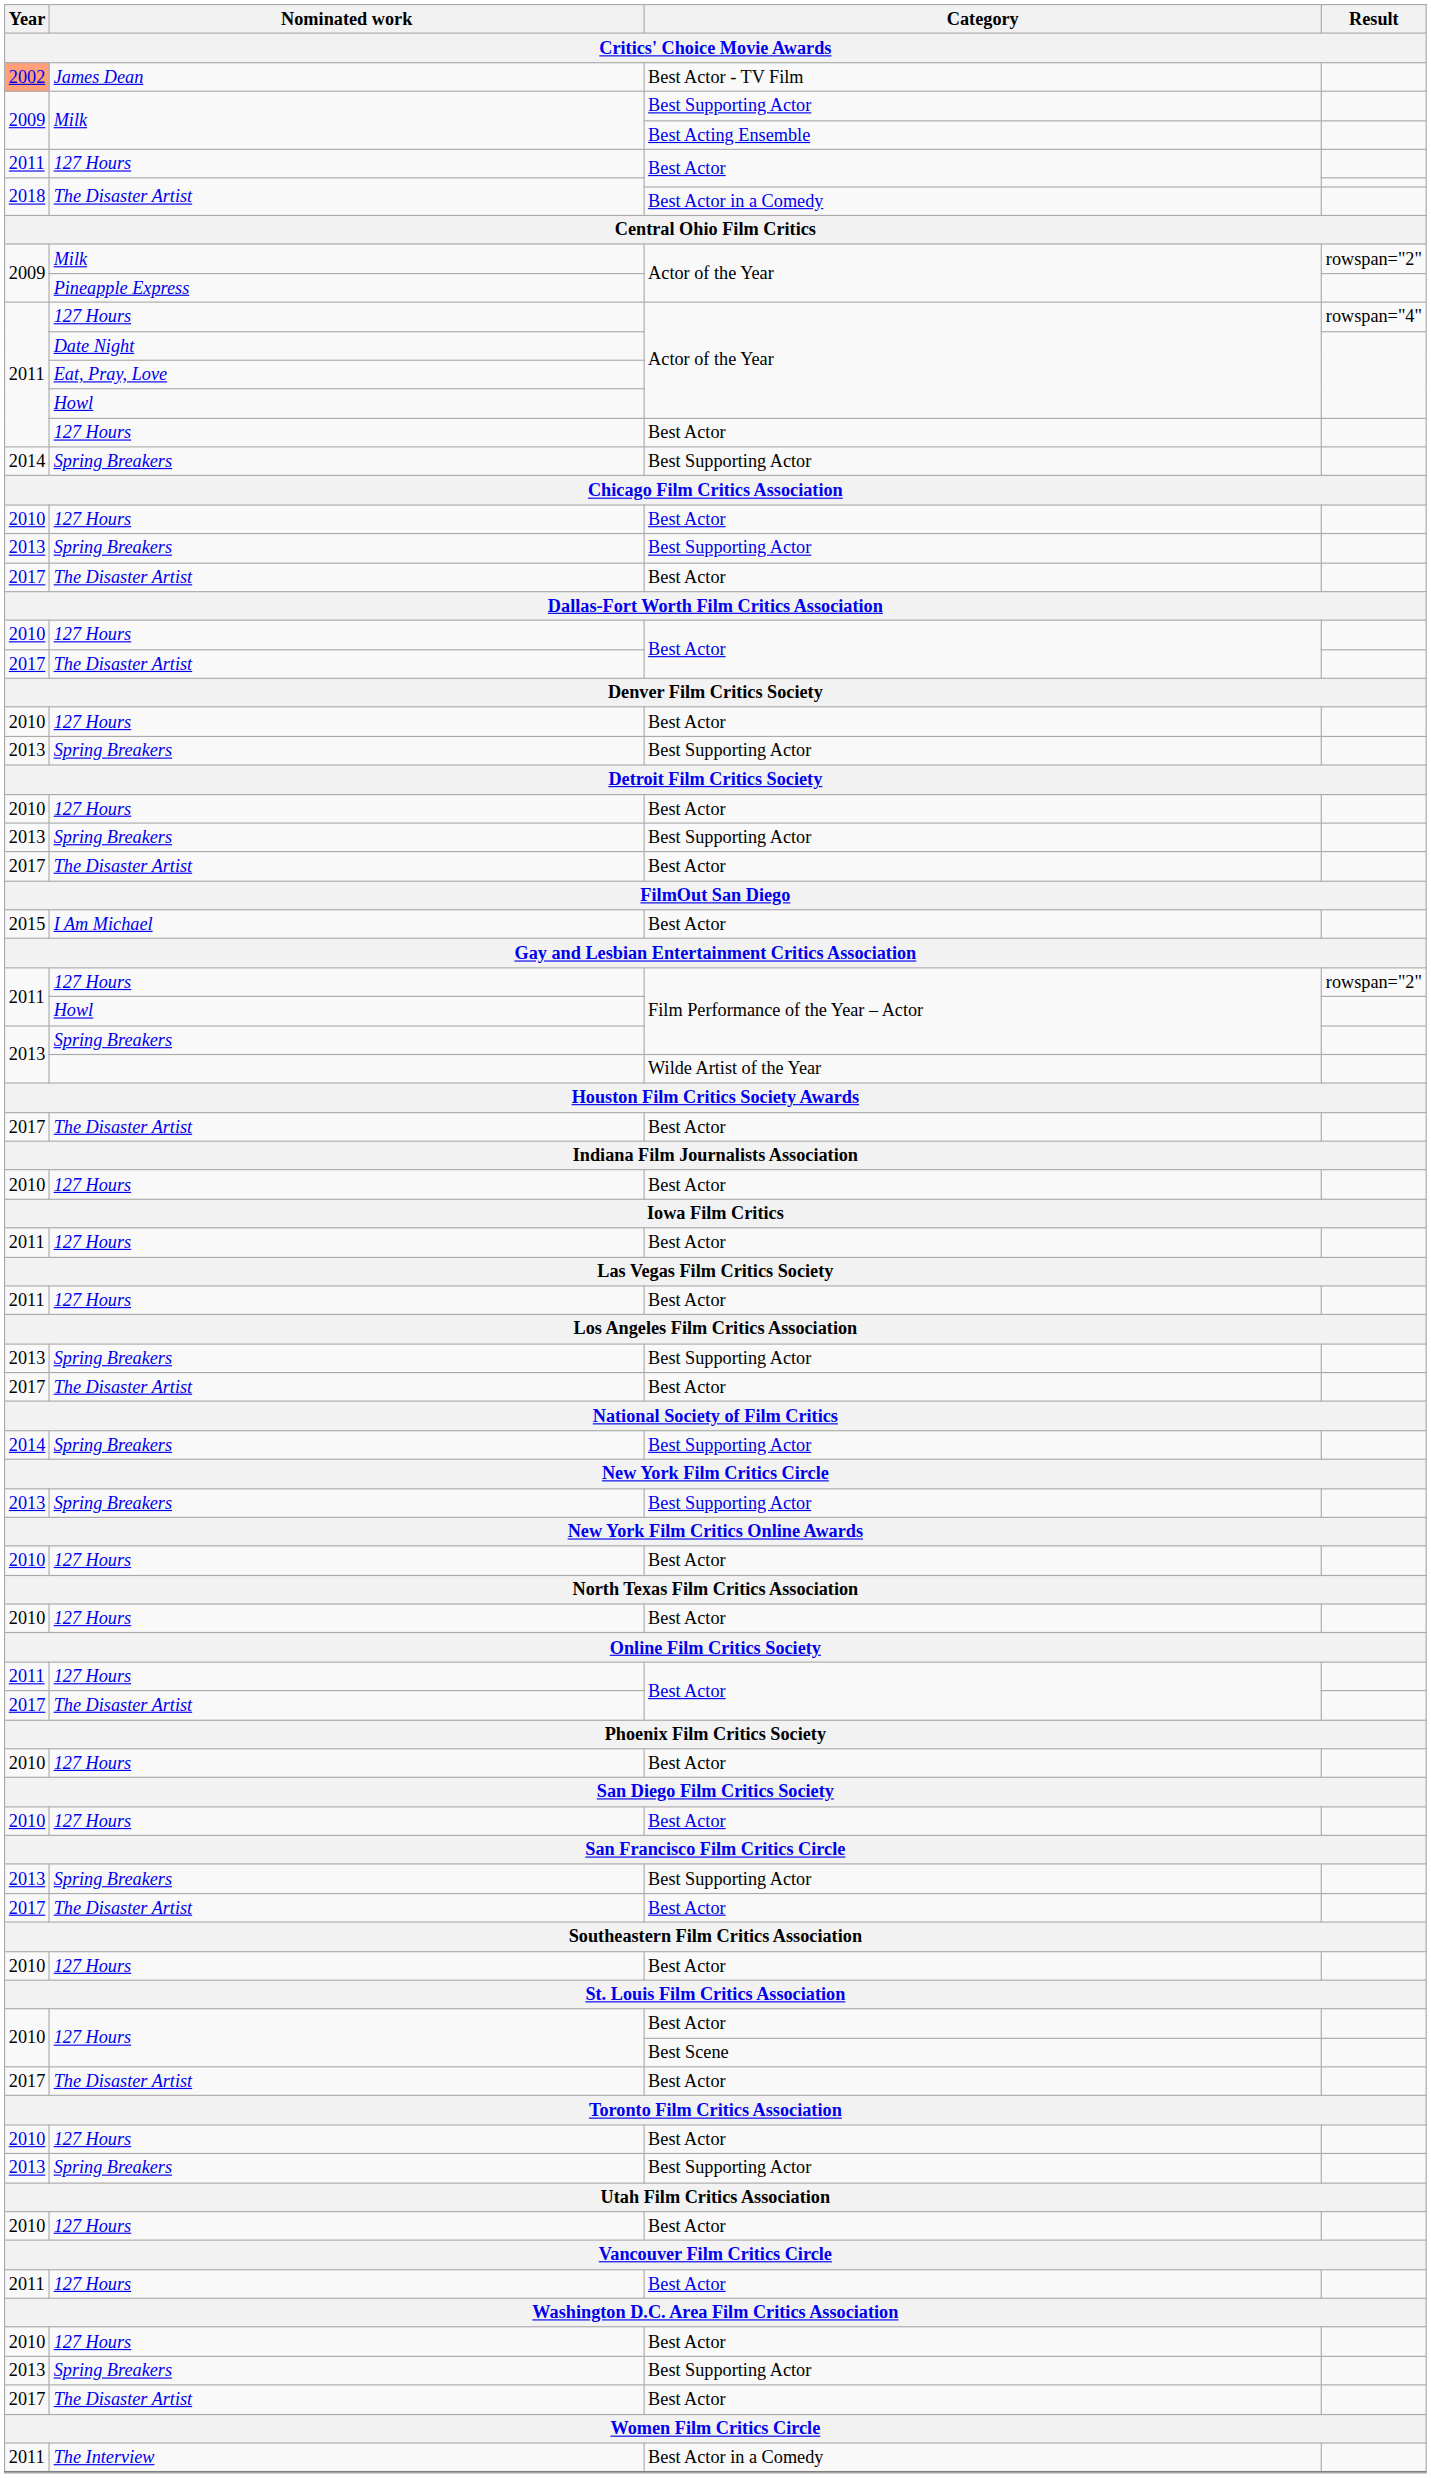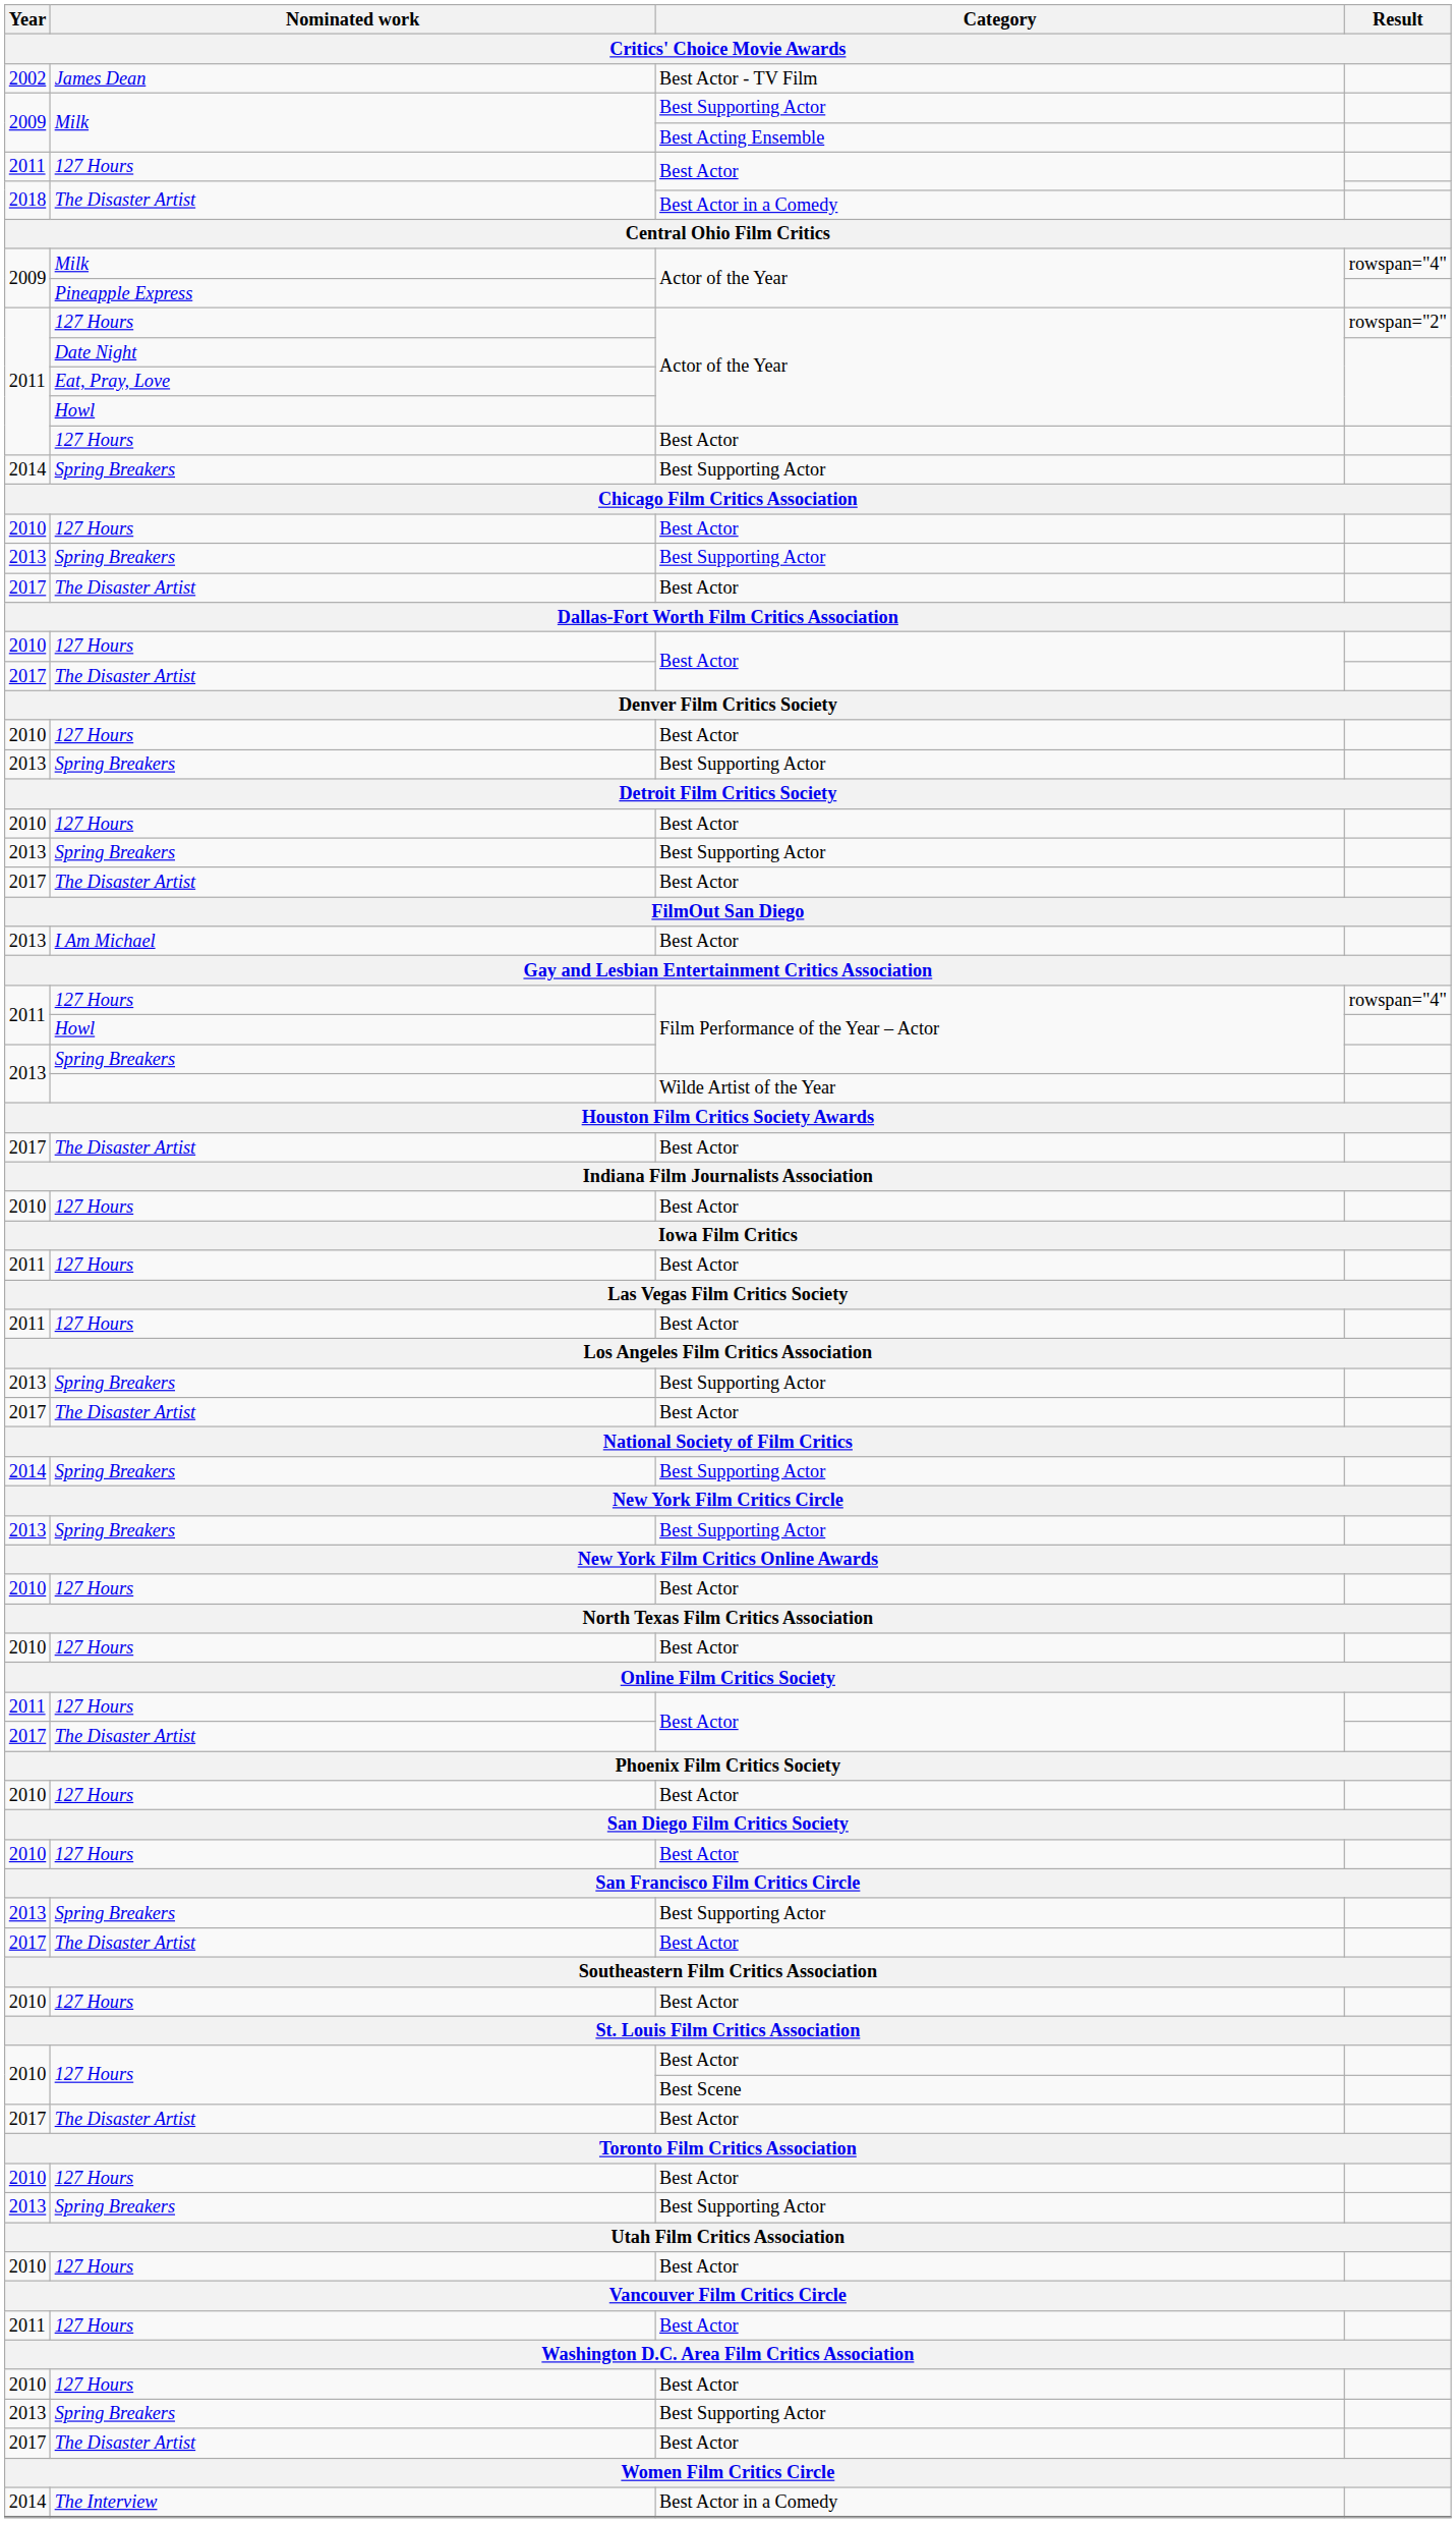 <table class="wikitable">
 <tr>
 <th scope="col" style="width:1em;">Year</th>
 <th scope="col" style="width:35em;">Nominated work</th>
 <th scope="col" style="width:40em;">Category</th>
 <th scope="col" style="width:5em;">Result</th>
 </tr>
 <tr>
 <th colspan="5"><a href='#'>Critics' Choice Movie Awards</a></th>
 </tr>
 <tr>
-<td style="background: lightsalmon;"><a href='#'>2002</a></td>
+<td><a href='#'>2002</a></td>
 <td><em><a href='#'>James Dean</a></em></td>
 <td>Best Actor - TV Film</td>
 <td></td>
 </tr>
 <tr>
 <td rowspan="2"><a href='#'>2009</a></td>
 <td rowspan="2"><em><a href='#'>Milk</a></em></td>
 <td><a href='#'>Best Supporting Actor</a></td>
 <td></td>
 </tr>
 <tr>
 <td><a href='#'>Best Acting Ensemble</a></td>
 <td></td>
 </tr>
 <tr>
 <td><a href='#'>2011</a></td>
 <td><em><a href='#'>127 Hours</a></em></td>
 <td rowspan="2"><a href='#'>Best Actor</a></td>
 <td></td>
 </tr>
 <tr>
 <td rowspan="2"><a href='#'>2018</a></td>
 <td rowspan="2"><em><a href='#'>The Disaster Artist</a></em></td>
 <td></td>
 </tr>
 <tr>
 <td><a href='#'>Best Actor in a Comedy</a></td>
 <td></td>
 </tr>
 <tr>
 <th colspan="5">Central Ohio Film Critics</th>
 </tr>
 <tr>
 <td rowspan="2">2009</td>
 <td><em><a href='#'>Milk</a></em></td>
 <td rowspan="2">Actor of the Year</td>
-<td>rowspan="2" </td>
+<td>rowspan="4" </td>
 </tr>
 <tr>
 <td><em><a href='#'>Pineapple Express</a></em></td>
 </tr>
 <tr>
 <td rowspan="5">2011</td>
 <td><em><a href='#'>127 Hours</a></em></td>
 <td rowspan="4">Actor of the Year</td>
-<td>rowspan="4" </td>
+<td>rowspan="2" </td>
 </tr>
 <tr>
 <td><em><a href='#'>Date Night</a></em></td>
 </tr>
 <tr>
 <td><em><a href='#'>Eat, Pray, Love</a></em></td>
 </tr>
 <tr>
 <td><em><a href='#'>Howl</a></em></td>
 </tr>
 <tr>
 <td><em><a href='#'>127 Hours</a></em></td>
 <td>Best Actor</td>
 <td></td>
 </tr>
 <tr>
 <td>2014</td>
 <td><em><a href='#'>Spring Breakers</a></em></td>
 <td>Best Supporting Actor</td>
 <td></td>
 </tr>
 <tr>
 <th colspan="5"><a href='#'>Chicago Film Critics Association</a></th>
 </tr>
 <tr>
 <td><a href='#'>2010</a></td>
 <td><em><a href='#'>127 Hours</a></em></td>
 <td><a href='#'>Best Actor</a></td>
 <td></td>
 </tr>
 <tr>
 <td><a href='#'>2013</a></td>
 <td><em><a href='#'>Spring Breakers</a></em></td>
 <td><a href='#'>Best Supporting Actor</a></td>
 <td></td>
 </tr>
 <tr>
 <td><a href='#'>2017</a></td>
 <td><em><a href='#'>The Disaster Artist</a></em></td>
 <td>Best Actor</td>
 <td></td>
 </tr>
 <tr>
 <th colspan="5"><a href='#'>Dallas-Fort Worth Film Critics Association</a></th>
 </tr>
 <tr>
 <td><a href='#'>2010</a></td>
 <td><em><a href='#'>127 Hours</a></em></td>
 <td rowspan="2"><a href='#'>Best Actor</a></td>
 <td></td>
 </tr>
 <tr>
 <td><a href='#'>2017</a></td>
 <td><em><a href='#'>The Disaster Artist</a></em></td>
 <td></td>
 </tr>
 <tr>
 <th colspan="5">Denver Film Critics Society</th>
 </tr>
 <tr>
 <td>2010</td>
 <td><em><a href='#'>127 Hours</a></em></td>
 <td>Best Actor</td>
 <td></td>
 </tr>
 <tr>
 <td>2013</td>
 <td><em><a href='#'>Spring Breakers</a></em></td>
 <td>Best Supporting Actor</td>
 <td></td>
 </tr>
 <tr>
 <th colspan="5"><a href='#'>Detroit Film Critics Society</a></th>
 </tr>
 <tr>
 <td>2010</td>
 <td><em><a href='#'>127 Hours</a></em></td>
 <td>Best Actor</td>
 <td></td>
 </tr>
 <tr>
 <td>2013</td>
 <td><em><a href='#'>Spring Breakers</a></em></td>
 <td>Best Supporting Actor</td>
 <td></td>
 </tr>
 <tr>
 <td>2017</td>
 <td><em><a href='#'>The Disaster Artist</a></em></td>
 <td>Best Actor</td>
 <td></td>
 </tr>
 <tr>
 <th colspan="5"><a href='#'>FilmOut San Diego</a></th>
 </tr>
 <tr>
-<td>2015</td>
+<td>2013</td>
 <td><em><a href='#'>I Am Michael</a></em></td>
 <td>Best Actor</td>
 <td></td>
 </tr>
 <tr>
 <th colspan="5"><a href='#'>Gay and Lesbian Entertainment Critics Association</a></th>
 </tr>
 <tr>
 <td rowspan="2">2011</td>
 <td><em><a href='#'>127 Hours</a></em></td>
 <td rowspan="3">Film Performance of the Year – Actor</td>
-<td>rowspan="2" </td>
+<td>rowspan="4" </td>
 </tr>
 <tr>
 <td><em><a href='#'>Howl</a></em></td>
 </tr>
 <tr>
 <td rowspan="2">2013</td>
 <td><em><a href='#'>Spring Breakers</a></em></td>
 <td></td>
 </tr>
 <tr>
 <td></td>
 <td>Wilde Artist of the Year</td>
 <td></td>
 </tr>
 <tr>
 <th colspan="5"><a href='#'>Houston Film Critics Society Awards</a></th>
 </tr>
 <tr>
 <td>2017</td>
 <td><em><a href='#'>The Disaster Artist</a></em></td>
 <td>Best Actor</td>
 <td></td>
 </tr>
 <tr>
 <th colspan="5">Indiana Film Journalists Association</th>
 </tr>
 <tr>
 <td>2010</td>
 <td><em><a href='#'>127 Hours</a></em></td>
 <td>Best Actor</td>
 <td></td>
 </tr>
 <tr>
 <th colspan="5">Iowa Film Critics</th>
 </tr>
 <tr>
 <td>2011</td>
 <td><em><a href='#'>127 Hours</a></em></td>
 <td>Best Actor</td>
 <td></td>
 </tr>
 <tr>
 <th colspan="5">Las Vegas Film Critics Society</th>
 </tr>
 <tr>
 <td>2011</td>
 <td><em><a href='#'>127 Hours</a></em></td>
 <td>Best Actor</td>
 <td></td>
 </tr>
 <tr>
 <th colspan="5">Los Angeles Film Critics Association</th>
 </tr>
 <tr>
 <td>2013</td>
 <td><em><a href='#'>Spring Breakers</a></em></td>
 <td>Best Supporting Actor</td>
 <td></td>
 </tr>
 <tr>
 <td>2017</td>
 <td><em><a href='#'>The Disaster Artist</a></em></td>
 <td>Best Actor</td>
 <td></td>
 </tr>
 <tr>
 <th colspan="5"><a href='#'>National Society of Film Critics</a></th>
 </tr>
 <tr>
 <td><a href='#'>2014</a></td>
 <td><em><a href='#'>Spring Breakers</a></em></td>
 <td><a href='#'>Best Supporting Actor</a></td>
 <td></td>
 </tr>
 <tr>
 <th colspan="5"><a href='#'>New York Film Critics Circle</a></th>
 </tr>
 <tr>
 <td><a href='#'>2013</a></td>
 <td><em><a href='#'>Spring Breakers</a></em></td>
 <td><a href='#'>Best Supporting Actor</a></td>
 <td></td>
 </tr>
 <tr>
 <th colspan="5"><a href='#'>New York Film Critics Online Awards</a></th>
 </tr>
 <tr>
 <td><a href='#'>2010</a></td>
 <td><em><a href='#'>127 Hours</a></em></td>
 <td>Best Actor</td>
 <td></td>
 </tr>
 <tr>
 <th colspan="5">North Texas Film Critics Association</th>
 </tr>
 <tr>
 <td>2010</td>
 <td><em><a href='#'>127 Hours</a></em></td>
 <td>Best Actor</td>
 <td></td>
 </tr>
 <tr>
 <th colspan="5"><a href='#'>Online Film Critics Society</a></th>
 </tr>
 <tr>
 <td><a href='#'>2011</a></td>
 <td><em><a href='#'>127 Hours</a></em></td>
 <td rowspan="2"><a href='#'>Best Actor</a></td>
 <td></td>
 </tr>
 <tr>
 <td><a href='#'>2017</a></td>
 <td><em><a href='#'>The Disaster Artist</a></em></td>
 <td></td>
 </tr>
 <tr>
 <th colspan="5">Phoenix Film Critics Society</th>
 </tr>
 <tr>
 <td>2010</td>
 <td><em><a href='#'>127 Hours</a></em></td>
 <td>Best Actor</td>
 <td></td>
 </tr>
 <tr>
 <th colspan="5"><a href='#'>San Diego Film Critics Society</a></th>
 </tr>
 <tr>
 <td><a href='#'>2010</a></td>
 <td><em><a href='#'>127 Hours</a></em></td>
 <td><a href='#'>Best Actor</a></td>
 <td></td>
 </tr>
 <tr>
 <th colspan="5"><a href='#'>San Francisco Film Critics Circle</a></th>
 </tr>
 <tr>
 <td><a href='#'>2013</a></td>
 <td><em><a href='#'>Spring Breakers</a></em></td>
 <td>Best Supporting Actor</td>
 <td></td>
 </tr>
 <tr>
 <td><a href='#'>2017</a></td>
 <td><em><a href='#'>The Disaster Artist</a></em></td>
 <td><a href='#'>Best Actor</a></td>
 <td></td>
 </tr>
 <tr>
 <th colspan="5">Southeastern Film Critics Association</th>
 </tr>
 <tr>
 <td>2010</td>
 <td><em><a href='#'>127 Hours</a></em></td>
 <td>Best Actor</td>
 <td></td>
 </tr>
 <tr>
 <th colspan="5"><a href='#'>St. Louis Film Critics Association</a></th>
 </tr>
 <tr>
 <td rowspan="2">2010</td>
 <td rowspan="2"><em><a href='#'>127 Hours</a></em></td>
 <td>Best Actor</td>
 <td></td>
 </tr>
 <tr>
 <td>Best Scene</td>
 <td></td>
 </tr>
 <tr>
 <td rowspan="1">2017</td>
 <td><em><a href='#'>The Disaster Artist</a></em></td>
 <td>Best Actor</td>
 <td></td>
 </tr>
 <tr>
 <th colspan="5"><a href='#'>Toronto Film Critics Association</a></th>
 </tr>
 <tr>
 <td><a href='#'>2010</a></td>
 <td><em><a href='#'>127 Hours</a></em></td>
 <td>Best Actor</td>
 <td></td>
 </tr>
 <tr>
 <td><a href='#'>2013</a></td>
 <td><em><a href='#'>Spring Breakers</a></em></td>
 <td>Best Supporting Actor</td>
 <td></td>
 </tr>
 <tr>
 <th colspan="5">Utah Film Critics Association</th>
 </tr>
 <tr>
 <td>2010</td>
 <td><em><a href='#'>127 Hours</a></em></td>
 <td>Best Actor</td>
 <td></td>
 </tr>
 <tr>
 <th colspan="5"><a href='#'>Vancouver Film Critics Circle</a></th>
 </tr>
 <tr>
 <td>2011</td>
 <td><em><a href='#'>127 Hours</a></em></td>
 <td><a href='#'>Best Actor</a></td>
 <td></td>
 </tr>
 <tr>
 <th colspan="5"><a href='#'>Washington D.C. Area Film Critics Association</a></th>
 </tr>
 <tr>
 <td>2010</td>
 <td><em><a href='#'>127 Hours</a></em></td>
 <td>Best Actor</td>
 <td></td>
 </tr>
 <tr>
 <td>2013</td>
 <td><em><a href='#'>Spring Breakers</a></em></td>
 <td>Best Supporting Actor</td>
 <td></td>
 </tr>
 <tr>
 <td>2017</td>
 <td><em><a href='#'>The Disaster Artist</a></em></td>
 <td>Best Actor</td>
 <td></td>
 </tr>
 <tr>
 <th colspan="5"><a href='#'>Women Film Critics Circle</a></th>
 </tr>
 <tr>
-<td>2011</td>
+<td>2014</td>
 <td><em><a href='#'>The Interview</a></em></td>
 <td>Best Actor in a Comedy </td>
 <td></td>
 </tr>
 <tr style="border-top:2px solid gray;">
 </tr>
 </table>
